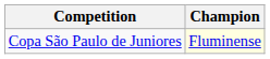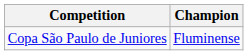 <table class="wikitable">
 <tr>
 <th>Competition</th>
 <th>Champion</th>
 </tr>
 <tr>
 <td><a href='#'>Copa São Paulo de Juniores</a></td>
-<td style="background: lightyellow;"><a href='#'>Fluminense</a></td>
+<td><a href='#'>Fluminense</a></td>
 </tr>
 </table>
